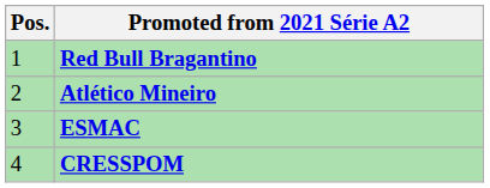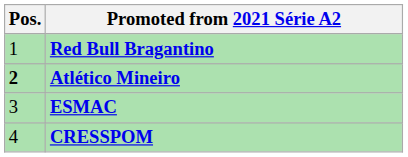 <table class="wikitable">
 <tr>
 <th style="text-align:center;">Pos.</th>
 <th width=300>Promoted from <a href='#'>2021 Série A2</a></th>
 </tr>
 <tr style="background: #ACE1AF;">
 <td>1</td>
 <td><strong><a href='#'>Red Bull Bragantino</a></strong></td>
 </tr>
 <tr style="background: #ACE1AF;">
-<td>2</td>
+<td><strong>2</strong></td>
 <td><strong><a href='#'>Atlético Mineiro</a></strong></td>
 </tr>
 <tr style="background: #ACE1AF;">
 <td>3</td>
 <td><strong><a href='#'>ESMAC</a></strong></td>
 </tr>
 <tr style="background: #ACE1AF;">
 <td>4</td>
 <td><strong><a href='#'>CRESSPOM</a></strong></td>
 </tr>
 </table>
